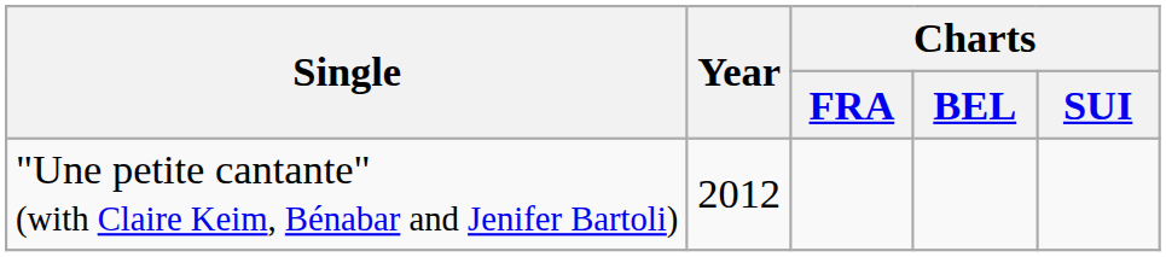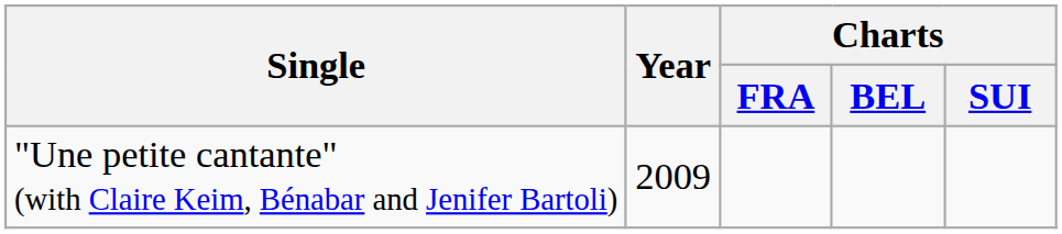 <table class="wikitable" style="text-align:left;">
 <tr>
 <th rowspan="2">Single</th>
 <th rowspan="2">Year</th>
 <th colspan="4">Charts</th>
 </tr>
 <tr>
 <th width="40"><a href='#'>FRA</a></th>
 <th width="40"><a href='#'>BEL</a></th>
 <th width="40"><a href='#'>SUI</a></th>
 </tr>
 <tr>
 <td>"Une petite cantante" <br><small>(with <a href='#'>Claire Keim</a>, <a href='#'>Bénabar</a> and <a href='#'>Jenifer Bartoli</a>)</small></td>
-<td>2012</td>
+<td>2009</td>
 <td></td>
 <td></td>
 <td></td>
 </tr>
 </table>
